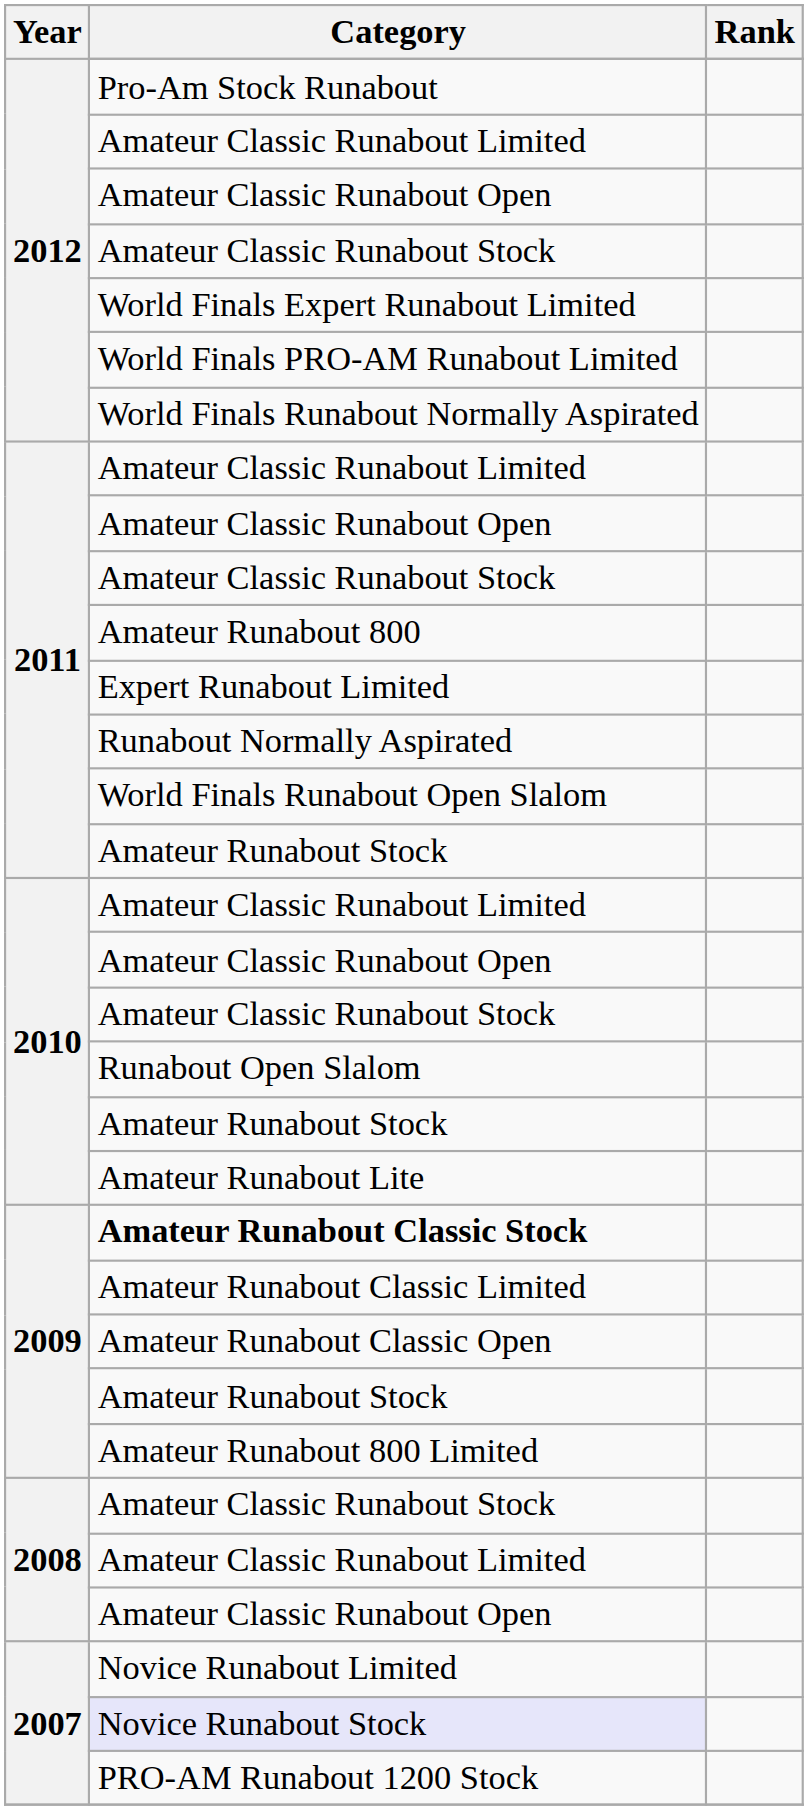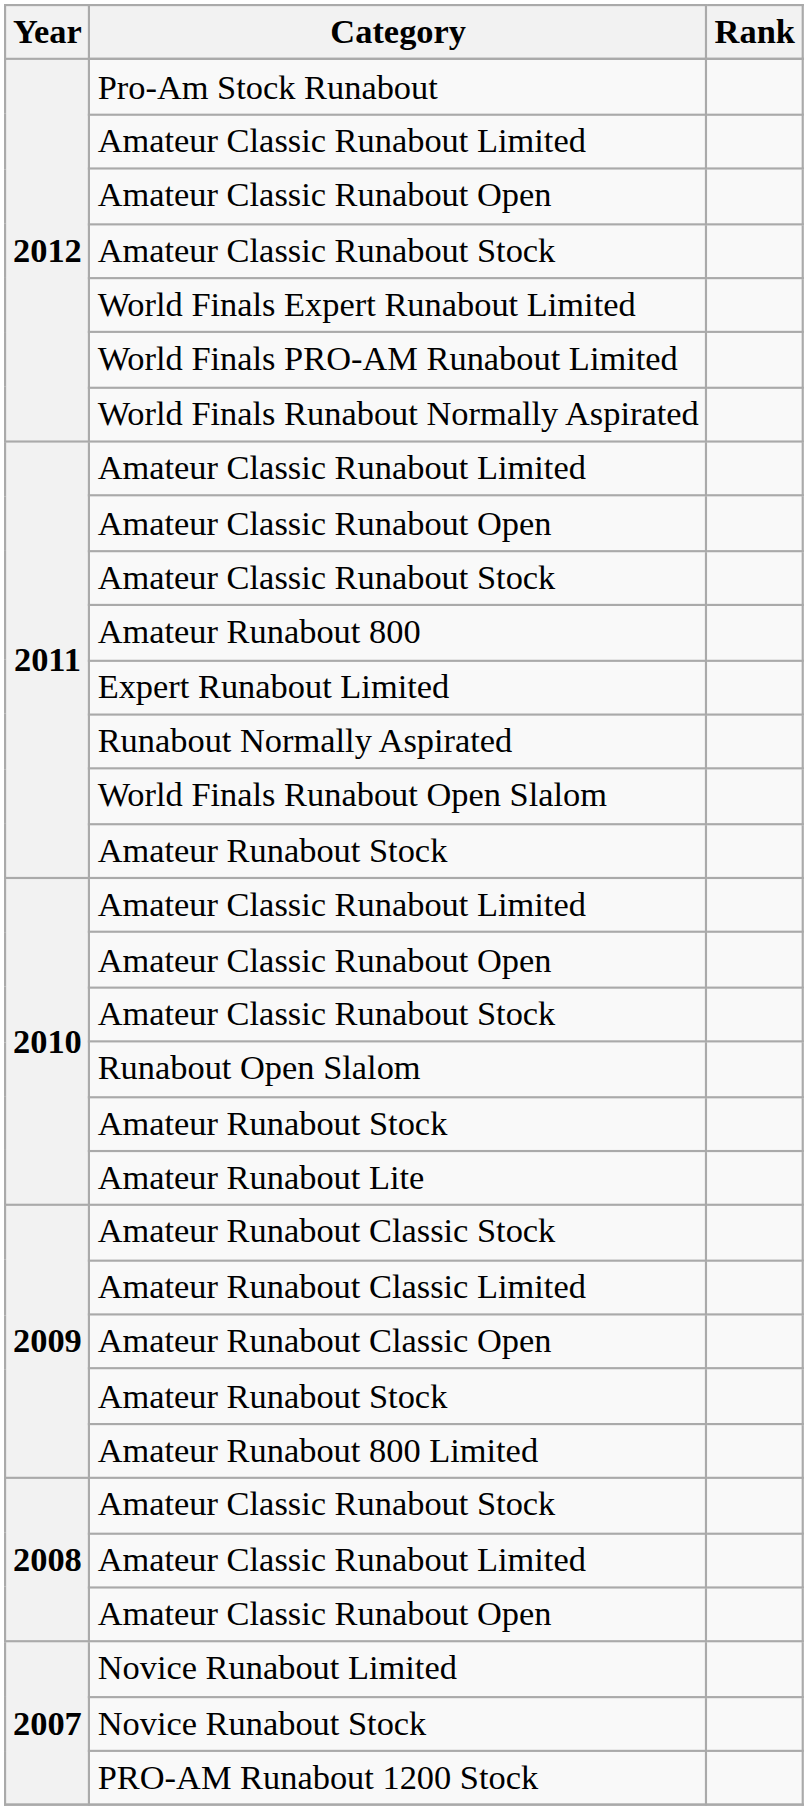 <table class="wikitable">
 <tr>
 <th>Year</th>
 <th>Category</th>
 <th>Rank</th>
 </tr>
 <tr>
 <th rowspan=8>2012</th>
 </tr>
 <tr>
 <td>Pro-Am Stock Runabout</td>
 <td></td>
 </tr>
 <tr>
 <td>Amateur Classic Runabout Limited</td>
 <td></td>
 </tr>
 <tr>
 <td>Amateur Classic Runabout Open</td>
 <td></td>
 </tr>
 <tr>
 <td>Amateur Classic Runabout Stock</td>
 <td></td>
 </tr>
 <tr>
 <td>World Finals Expert Runabout Limited</td>
 <td></td>
 </tr>
 <tr>
 <td>World Finals PRO-AM Runabout Limited</td>
 <td></td>
 </tr>
 <tr>
 <td>World Finals Runabout Normally Aspirated</td>
 <td></td>
 </tr>
 <tr>
 <th rowspan=8>2011</th>
 <td>Amateur Classic Runabout Limited</td>
 <td></td>
 </tr>
 <tr>
 <td>Amateur Classic Runabout Open</td>
 <td></td>
 </tr>
 <tr>
 <td>Amateur Classic Runabout Stock</td>
 <td></td>
 </tr>
 <tr>
 <td>Amateur Runabout 800</td>
 <td></td>
 </tr>
 <tr>
 <td>Expert Runabout Limited</td>
 <td></td>
 </tr>
 <tr>
 <td>Runabout Normally Aspirated</td>
 <td></td>
 </tr>
 <tr>
 <td>World Finals Runabout Open Slalom</td>
 <td></td>
 </tr>
 <tr>
 <td>Amateur Runabout Stock</td>
 <td></td>
 </tr>
 <tr>
 <th rowspan=6>2010</th>
 <td>Amateur Classic Runabout Limited</td>
 <td></td>
 </tr>
 <tr>
 <td>Amateur Classic Runabout Open</td>
 <td></td>
 </tr>
 <tr>
 <td>Amateur Classic Runabout Stock</td>
 <td></td>
 </tr>
 <tr>
 <td>Runabout Open Slalom</td>
 <td></td>
 </tr>
 <tr>
 <td>Amateur Runabout Stock</td>
 <td></td>
 </tr>
 <tr>
 <td>Amateur Runabout Lite</td>
 <td></td>
 </tr>
 <tr>
 <th rowspan=5>2009</th>
-<td><strong>Amateur Runabout Classic Stock</strong></td>
+<td>Amateur Runabout Classic Stock</td>
 <td></td>
 </tr>
 <tr>
 <td>Amateur Runabout Classic Limited</td>
 <td></td>
 </tr>
 <tr>
 <td>Amateur Runabout Classic Open</td>
 <td></td>
 </tr>
 <tr>
 <td>Amateur Runabout Stock</td>
 <td></td>
 </tr>
 <tr>
 <td>Amateur Runabout 800 Limited</td>
 <td></td>
 </tr>
 <tr>
 <th rowspan=3>2008</th>
 <td>Amateur Classic Runabout Stock</td>
 <td></td>
 </tr>
 <tr>
 <td>Amateur Classic Runabout Limited</td>
 <td></td>
 </tr>
 <tr>
 <td>Amateur Classic Runabout Open</td>
 <td></td>
 </tr>
 <tr>
 <th rowspan=3>2007</th>
 <td>Novice Runabout Limited</td>
 <td></td>
 </tr>
 <tr>
-<td style="background: lavender;">Novice Runabout Stock</td>
+<td>Novice Runabout Stock</td>
 <td></td>
 </tr>
 <tr>
 <td>PRO-AM Runabout 1200 Stock</td>
 <td></td>
 </tr>
 <tr>
 </tr>
 </table>
